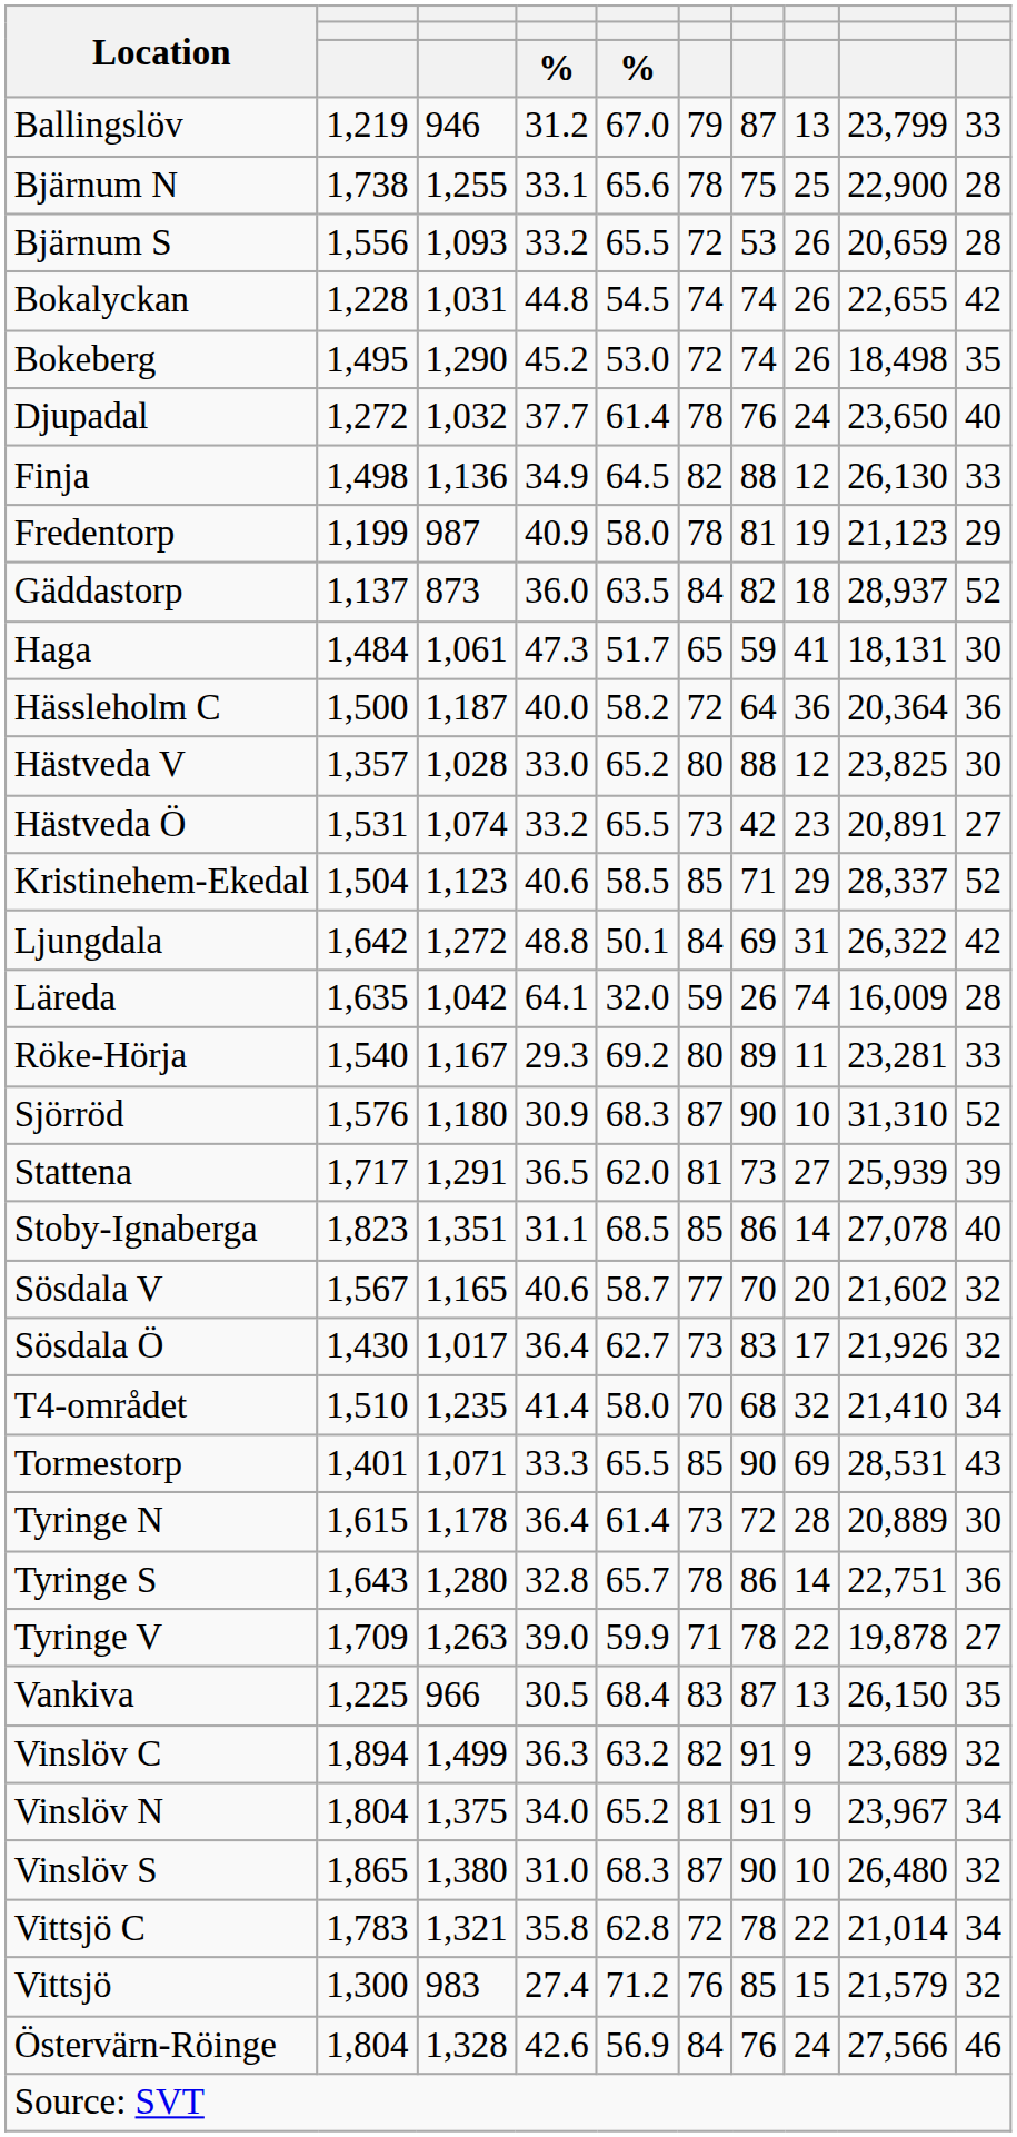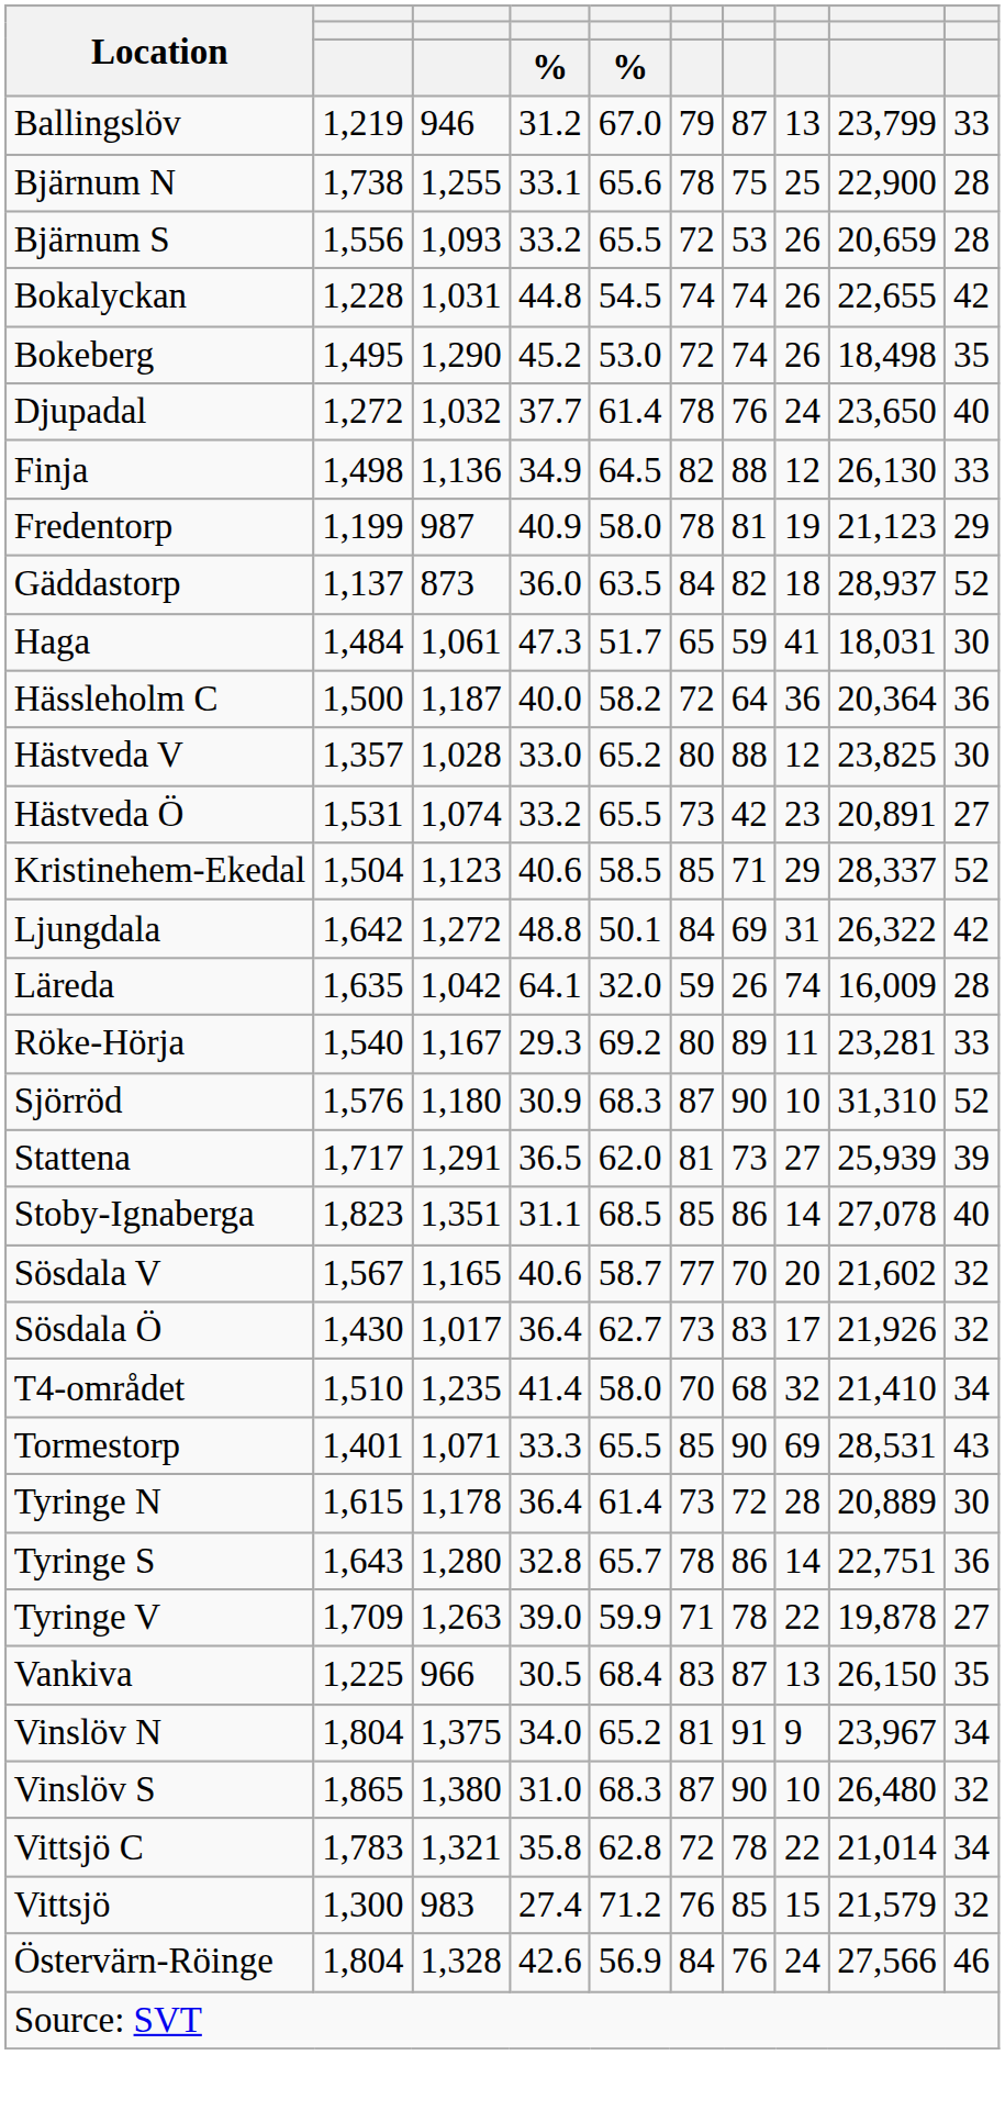 <table role="presentation" class="wikitable sortable mw-collapsible mw-collapsed">
 <tr>
 <th rowspan="3">Location</th>
 <th></th>
 <th></th>
 <th></th>
 <th></th>
 <th></th>
 <th></th>
 <th></th>
 <th></th>
 <th></th>
 </tr>
 <tr>
 <th></th>
 <th></th>
 <th style="background:"></th>
 <th style="background:"></th>
 <th></th>
 <th></th>
 <th></th>
 <th></th>
 <th></th>
 </tr>
 <tr>
 <th data-sort-type="number"></th>
 <th data-sort-type="number"></th>
 <th data-sort-type="number">%</th>
 <th data-sort-type="number">%</th>
 <th data-sort-type="number"></th>
 <th data-sort-type="number"></th>
 <th data-sort-type="number"></th>
 <th data-sort-type="number"></th>
 <th data-sort-type="number"></th>
 </tr>
 <tr>
 <td align="left">Ballingslöv</td>
 <td>1,219</td>
 <td>946</td>
 <td>31.2</td>
 <td>67.0</td>
 <td>79</td>
 <td>87</td>
 <td>13</td>
 <td>23,799</td>
 <td>33</td>
 </tr>
 <tr>
 <td align="left">Bjärnum N</td>
 <td>1,738</td>
 <td>1,255</td>
 <td>33.1</td>
 <td>65.6</td>
 <td>78</td>
 <td>75</td>
 <td>25</td>
 <td>22,900</td>
 <td>28</td>
 </tr>
 <tr>
 <td align="left">Bjärnum S</td>
 <td>1,556</td>
 <td>1,093</td>
 <td>33.2</td>
 <td>65.5</td>
 <td>72</td>
 <td>53</td>
 <td>26</td>
 <td>20,659</td>
 <td>28</td>
 </tr>
 <tr>
 <td align="left">Bokalyckan</td>
 <td>1,228</td>
 <td>1,031</td>
 <td>44.8</td>
 <td>54.5</td>
 <td>74</td>
 <td>74</td>
 <td>26</td>
 <td>22,655</td>
 <td>42</td>
 </tr>
 <tr>
 <td align="left">Bokeberg</td>
 <td>1,495</td>
 <td>1,290</td>
 <td>45.2</td>
 <td>53.0</td>
 <td>72</td>
 <td>74</td>
 <td>26</td>
 <td>18,498</td>
 <td>35</td>
 </tr>
 <tr>
 <td align="left">Djupadal</td>
 <td>1,272</td>
 <td>1,032</td>
 <td>37.7</td>
 <td>61.4</td>
 <td>78</td>
 <td>76</td>
 <td>24</td>
 <td>23,650</td>
 <td>40</td>
 </tr>
 <tr>
 <td align="left">Finja</td>
 <td>1,498</td>
 <td>1,136</td>
 <td>34.9</td>
 <td>64.5</td>
 <td>82</td>
 <td>88</td>
 <td>12</td>
 <td>26,130</td>
 <td>33</td>
 </tr>
 <tr>
 <td align="left">Fredentorp</td>
 <td>1,199</td>
 <td>987</td>
 <td>40.9</td>
 <td>58.0</td>
 <td>78</td>
 <td>81</td>
 <td>19</td>
 <td>21,123</td>
 <td>29</td>
 </tr>
 <tr>
 <td align="left">Gäddastorp</td>
 <td>1,137</td>
 <td>873</td>
 <td>36.0</td>
 <td>63.5</td>
 <td>84</td>
 <td>82</td>
 <td>18</td>
 <td>28,937</td>
 <td>52</td>
 </tr>
 <tr>
 <td align="left">Haga</td>
 <td>1,484</td>
 <td>1,061</td>
 <td>47.3</td>
 <td>51.7</td>
 <td>65</td>
 <td>59</td>
 <td>41</td>
-<td>18,131</td>
+<td>18,031</td>
 <td>30</td>
 </tr>
 <tr>
 <td align="left">Hässleholm C</td>
 <td>1,500</td>
 <td>1,187</td>
 <td>40.0</td>
 <td>58.2</td>
 <td>72</td>
 <td>64</td>
 <td>36</td>
 <td>20,364</td>
 <td>36</td>
 </tr>
 <tr>
 <td align="left">Hästveda V</td>
 <td>1,357</td>
 <td>1,028</td>
 <td>33.0</td>
 <td>65.2</td>
 <td>80</td>
 <td>88</td>
 <td>12</td>
 <td>23,825</td>
 <td>30</td>
 </tr>
 <tr>
 <td align="left">Hästveda Ö</td>
 <td>1,531</td>
 <td>1,074</td>
 <td>33.2</td>
 <td>65.5</td>
 <td>73</td>
 <td>42</td>
 <td>23</td>
 <td>20,891</td>
 <td>27</td>
 </tr>
 <tr>
 <td align="left">Kristinehem-Ekedal</td>
 <td>1,504</td>
 <td>1,123</td>
 <td>40.6</td>
 <td>58.5</td>
 <td>85</td>
 <td>71</td>
 <td>29</td>
 <td>28,337</td>
 <td>52</td>
 </tr>
 <tr>
 <td align="left">Ljungdala</td>
 <td>1,642</td>
 <td>1,272</td>
 <td>48.8</td>
 <td>50.1</td>
 <td>84</td>
 <td>69</td>
 <td>31</td>
 <td>26,322</td>
 <td>42</td>
 </tr>
 <tr>
 <td align="left">Läreda</td>
 <td>1,635</td>
 <td>1,042</td>
 <td>64.1</td>
 <td>32.0</td>
 <td>59</td>
 <td>26</td>
 <td>74</td>
 <td>16,009</td>
 <td>28</td>
 </tr>
 <tr>
 <td align="left">Röke-Hörja</td>
 <td>1,540</td>
 <td>1,167</td>
 <td>29.3</td>
 <td>69.2</td>
 <td>80</td>
 <td>89</td>
 <td>11</td>
 <td>23,281</td>
 <td>33</td>
 </tr>
 <tr>
 <td align="left">Sjörröd</td>
 <td>1,576</td>
 <td>1,180</td>
 <td>30.9</td>
 <td>68.3</td>
 <td>87</td>
 <td>90</td>
 <td>10</td>
 <td>31,310</td>
 <td>52</td>
 </tr>
 <tr>
 <td align="left">Stattena</td>
 <td>1,717</td>
 <td>1,291</td>
 <td>36.5</td>
 <td>62.0</td>
 <td>81</td>
 <td>73</td>
 <td>27</td>
 <td>25,939</td>
 <td>39</td>
 </tr>
 <tr>
 <td align="left">Stoby-Ignaberga</td>
 <td>1,823</td>
 <td>1,351</td>
 <td>31.1</td>
 <td>68.5</td>
 <td>85</td>
 <td>86</td>
 <td>14</td>
 <td>27,078</td>
 <td>40</td>
 </tr>
 <tr>
 <td align="left">Sösdala V</td>
 <td>1,567</td>
 <td>1,165</td>
 <td>40.6</td>
 <td>58.7</td>
 <td>77</td>
 <td>70</td>
 <td>20</td>
 <td>21,602</td>
 <td>32</td>
 </tr>
 <tr>
 <td align="left">Sösdala Ö</td>
 <td>1,430</td>
 <td>1,017</td>
 <td>36.4</td>
 <td>62.7</td>
 <td>73</td>
 <td>83</td>
 <td>17</td>
 <td>21,926</td>
 <td>32</td>
 </tr>
 <tr>
 <td align="left">T4-området</td>
 <td>1,510</td>
 <td>1,235</td>
 <td>41.4</td>
 <td>58.0</td>
 <td>70</td>
 <td>68</td>
 <td>32</td>
 <td>21,410</td>
 <td>34</td>
 </tr>
 <tr>
 <td align="left">Tormestorp</td>
 <td>1,401</td>
 <td>1,071</td>
 <td>33.3</td>
 <td>65.5</td>
 <td>85</td>
 <td>90</td>
 <td>69</td>
 <td>28,531</td>
 <td>43</td>
 </tr>
 <tr>
 <td align="left">Tyringe N</td>
 <td>1,615</td>
 <td>1,178</td>
 <td>36.4</td>
 <td>61.4</td>
 <td>73</td>
 <td>72</td>
 <td>28</td>
 <td>20,889</td>
 <td>30</td>
 </tr>
 <tr>
 <td align="left">Tyringe S</td>
 <td>1,643</td>
 <td>1,280</td>
 <td>32.8</td>
 <td>65.7</td>
 <td>78</td>
 <td>86</td>
 <td>14</td>
 <td>22,751</td>
 <td>36</td>
 </tr>
 <tr>
 <td align="left">Tyringe V</td>
 <td>1,709</td>
 <td>1,263</td>
 <td>39.0</td>
 <td>59.9</td>
 <td>71</td>
 <td>78</td>
 <td>22</td>
 <td>19,878</td>
 <td>27</td>
 </tr>
 <tr>
 <td align="left">Vankiva</td>
 <td>1,225</td>
 <td>966</td>
 <td>30.5</td>
 <td>68.4</td>
 <td>83</td>
 <td>87</td>
 <td>13</td>
 <td>26,150</td>
 <td>35</td>
 </tr>
 <tr>
-<td align="left">Vinslöv C</td>
-<td>1,894</td>
-<td>1,499</td>
-<td>36.3</td>
-<td>63.2</td>
-<td>82</td>
-<td>91</td>
-<td>9</td>
-<td>23,689</td>
-<td>32</td>
-</tr>
-<tr>
 <td align="left">Vinslöv N</td>
 <td>1,804</td>
 <td>1,375</td>
 <td>34.0</td>
 <td>65.2</td>
 <td>81</td>
 <td>91</td>
 <td>9</td>
 <td>23,967</td>
 <td>34</td>
 </tr>
 <tr>
 <td align="left">Vinslöv S</td>
 <td>1,865</td>
 <td>1,380</td>
 <td>31.0</td>
 <td>68.3</td>
 <td>87</td>
 <td>90</td>
 <td>10</td>
 <td>26,480</td>
 <td>32</td>
 </tr>
 <tr>
 <td align="left">Vittsjö C</td>
 <td>1,783</td>
 <td>1,321</td>
 <td>35.8</td>
 <td>62.8</td>
 <td>72</td>
 <td>78</td>
 <td>22</td>
 <td>21,014</td>
 <td>34</td>
 </tr>
 <tr>
 <td align="left">Vittsjö</td>
 <td>1,300</td>
 <td>983</td>
 <td>27.4</td>
 <td>71.2</td>
 <td>76</td>
 <td>85</td>
 <td>15</td>
 <td>21,579</td>
 <td>32</td>
 </tr>
 <tr>
 <td align="left">Östervärn-Röinge</td>
 <td>1,804</td>
 <td>1,328</td>
 <td>42.6</td>
 <td>56.9</td>
 <td>84</td>
 <td>76</td>
 <td>24</td>
 <td>27,566</td>
 <td>46</td>
 </tr>
 <tr>
 <td colspan="10" align="left">Source: <a href='#'>SVT</a></td>
 </tr>
 </table>
